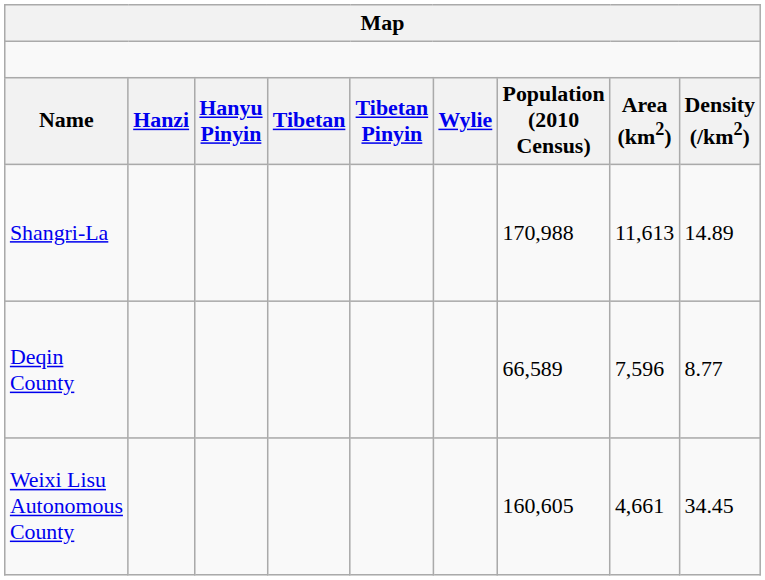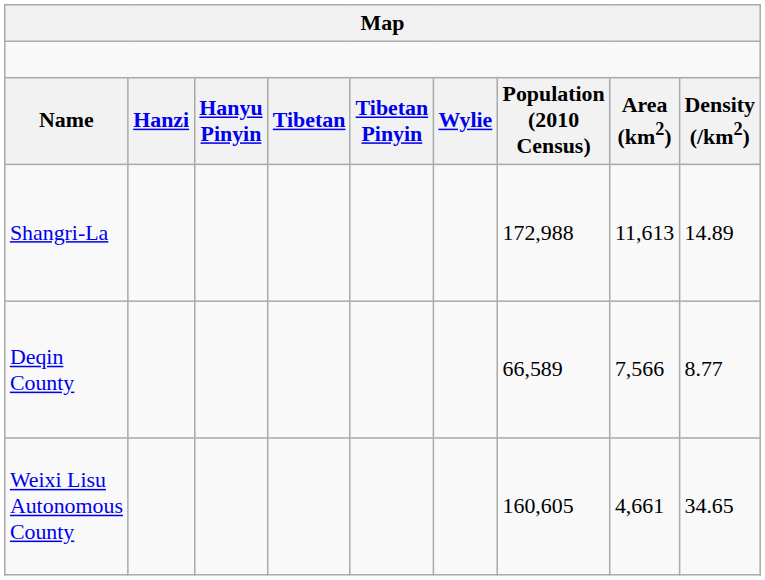 <table class="wikitable"  style="font-size:90%; width:50%;" align=center>
 <tr>
 <th colspan="10" align="center">Map</th>
 </tr>
 <tr>
 <td colspan="10" align="center"><div><br>      </div></td>
 </tr>
 <tr --------->
 <th width="150">Name</th>
 <th width="150"><a href='#'>Hanzi</a></th>
 <th width="100"><a href='#'>Hanyu Pinyin</a></th>
 <th width="100"><a href='#'>Tibetan</a></th>
 <th width="100"><a href='#'>Tibetan Pinyin</a></th>
 <th width="100"><a href='#'>Wylie</a></th>
 <th>Population<br>(2010 Census)</th>
 <th>Area (km<sup>2</sup>)</th>
 <th>Density<br>(/km<sup>2</sup>)</th>
 </tr>
 <tr --------- style="height:90px;">
 <td><a href='#'>Shangri-La</a></td>
 <td></td>
 <td></td>
 <td></td>
 <td {{nowrap></td>
 <td></td>
-<td>170,988</td>
+<td>172,988</td>
 <td>11,613</td>
 <td>14.89</td>
 </tr>
 <tr --------- style="height:90px;">
 <td><a href='#'>Deqin County</a></td>
 <td></td>
 <td></td>
 <td><br></td>
 <td><br></td>
 <td><br></td>
 <td>66,589</td>
-<td>7,596</td>
+<td>7,566</td>
 <td>8.77</td>
 </tr>
 <tr --------- style="height:90px;">
 <td><a href='#'>Weixi Lisu Autonomous County</a></td>
 <td></td>
 <td></td>
 <td></td>
 <td></td>
 <td></td>
 <td>160,605</td>
 <td>4,661</td>
-<td>34.45</td>
+<td>34.65</td>
 </tr>
 </table>
